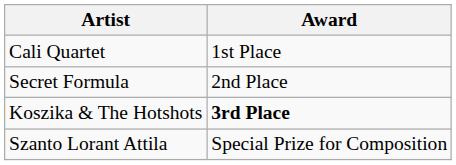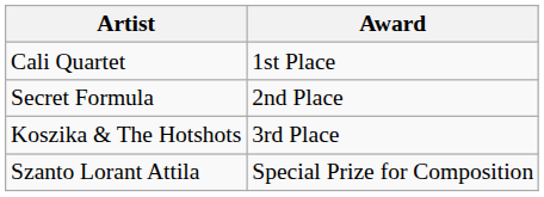 <table class="wikitable">
 <tr>
 <th>Artist</th>
 <th>Award</th>
 </tr>
 <tr>
 <td>Cali Quartet</td>
 <td>1st Place</td>
 </tr>
 <tr>
 <td>Secret Formula</td>
 <td>2nd Place</td>
 </tr>
 <tr>
 <td>Koszika & The Hotshots</td>
-<td><strong>3rd Place</strong></td>
+<td>3rd Place</td>
 </tr>
 <tr>
 <td>Szanto Lorant Attila</td>
 <td>Special Prize for Composition</td>
 </tr>
 </table>
